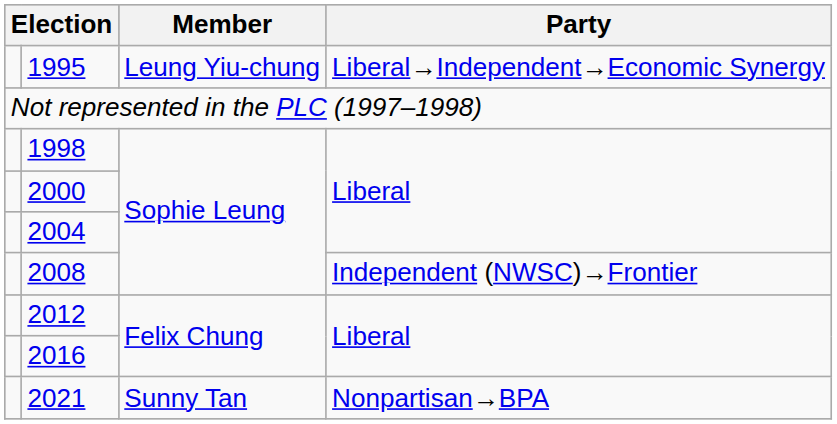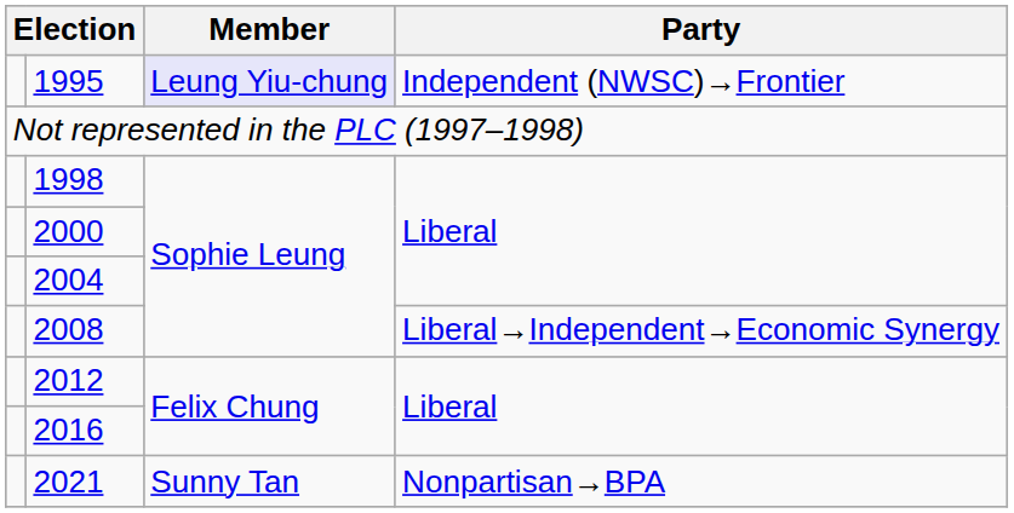 <table class="wikitable">
 <tr>
 <th colspan="2">Election</th>
 <th>Member</th>
 <th>Party</th>
 </tr>
 <tr>
 <td style="background-color: "></td>
 <td><a href='#'>1995</a></td>
-<td><a href='#'>Leung Yiu-chung</a></td>
-<td><a href='#'>Liberal</a>→<a href='#'>Independent</a>→<a href='#'>Economic Synergy</a></td>
+<td style="background: lavender;"><a href='#'>Leung Yiu-chung</a></td>
+<td><a href='#'>Independent</a> (<a href='#'>NWSC</a>)→<a href='#'>Frontier</a></td>
 </tr>
 <tr>
 <td colspan="4"><em>Not represented in the <a href='#'>PLC</a> (1997–1998)</em></td>
 </tr>
 <tr>
 <td style="background-color: "></td>
 <td><a href='#'>1998</a></td>
 <td rowspan="4"><a href='#'>Sophie Leung</a></td>
 <td rowspan="3"><a href='#'>Liberal</a></td>
 </tr>
 <tr>
 <td style="background-color: "></td>
 <td><a href='#'>2000</a></td>
 </tr>
 <tr>
 <td style="background-color: "></td>
 <td><a href='#'>2004</a></td>
 </tr>
 <tr>
 <td style="background-color: "></td>
 <td><a href='#'>2008</a></td>
-<td><a href='#'>Independent</a> (<a href='#'>NWSC</a>)→<a href='#'>Frontier</a></td>
+<td><a href='#'>Liberal</a>→<a href='#'>Independent</a>→<a href='#'>Economic Synergy</a></td>
 </tr>
 <tr>
 <td style="background-color: "></td>
 <td><a href='#'>2012</a></td>
 <td rowspan="2"><a href='#'>Felix Chung</a></td>
 <td rowspan="2"><a href='#'>Liberal</a></td>
 </tr>
 <tr>
 <td style="background-color: "></td>
 <td><a href='#'>2016</a></td>
 </tr>
 <tr>
 <td style="background-color: "></td>
 <td><a href='#'>2021</a></td>
 <td rowspan="2"><a href='#'>Sunny Tan</a></td>
 <td rowspan="2"><a href='#'>Nonpartisan</a>→<a href='#'>BPA</a></td>
 </tr>
 </table>
